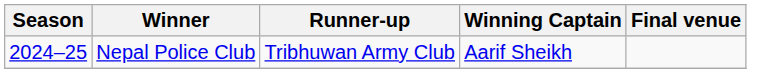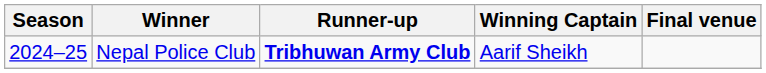 <table class="wikitable sortable">
 <tr>
 <th>Season</th>
 <th>Winner</th>
 <th>Runner-up</th>
 <th>Winning Captain</th>
 <th>Final venue</th>
 </tr>
 <tr>
 <td><a href='#'>2024–25</a></td>
 <td><a href='#'>Nepal Police Club</a></td>
-<td><a href='#'>Tribhuwan Army Club</a></td>
+<td><strong><a href='#'>Tribhuwan Army Club</a></strong></td>
 <td><a href='#'>Aarif Sheikh</a></td>
 <td></td>
 </tr>
 <tr>
 </tr>
 </table>
